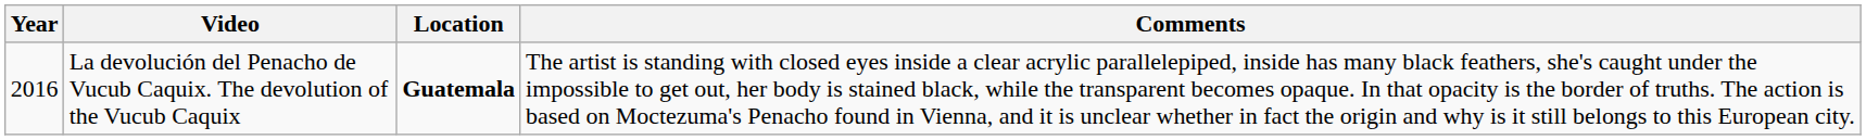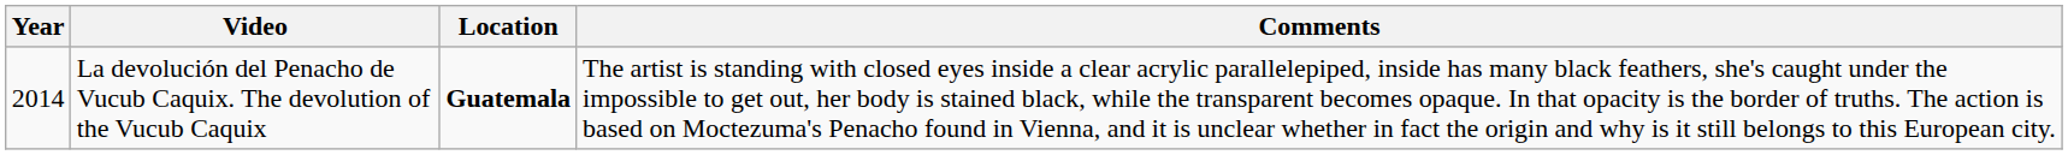 <table class="wikitable sortable">
 <tr>
 <th>Year</th>
 <th>Video</th>
 <th>Location</th>
 <th>Comments</th>
 </tr>
 <tr>
-<td>2016</td>
+<td>2014</td>
 <td>La devolución del Penacho de Vucub Caquix. The devolution of the Vucub Caquix</td>
 <td><strong>Guatemala</strong></td>
 <td>The artist is standing with closed eyes inside a clear acrylic parallelepiped, inside has many black feathers, she's caught under the impossible to get out, her body is stained black, while the transparent becomes opaque. In that opacity is the border of truths. The action is based on Moctezuma's Penacho found in Vienna, and it is unclear whether in fact the origin and why is it still belongs to this European city.</td>
 </tr>
 </table>
